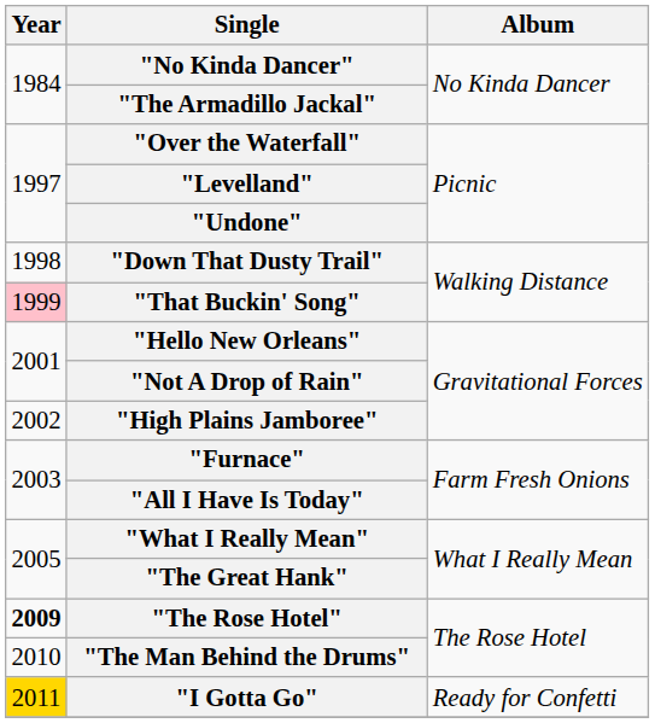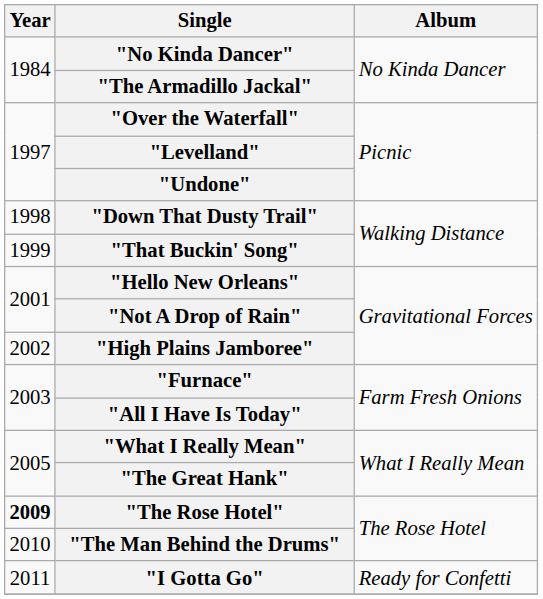 <table class="wikitable plainrowheaders" style="text-align:center;">
 <tr>
 <th>Year</th>
 <th style="width:14em;">Single</th>
 <th>Album</th>
 </tr>
 <tr>
 <td rowspan="2">1984</td>
 <th scope="row">"No Kinda Dancer"</th>
 <td rowspan="2" align="left"><em>No Kinda Dancer</em></td>
 </tr>
 <tr>
 <th scope="row">"The Armadillo Jackal"</th>
 </tr>
 <tr>
 <td rowspan="3">1997</td>
 <th scope="row">"Over the Waterfall"</th>
 <td align="left" rowspan="3"><em>Picnic</em></td>
 </tr>
 <tr>
 <th scope="row">"Levelland"</th>
 </tr>
 <tr>
 <th scope="row">"Undone"</th>
 </tr>
 <tr>
 <td>1998</td>
 <th scope="row">"Down That Dusty Trail"</th>
 <td align="left" rowspan="2"><em>Walking Distance</em></td>
 </tr>
 <tr>
-<td style="background: pink;">1999</td>
+<td>1999</td>
 <th scope="row">"That Buckin' Song"</th>
 </tr>
 <tr>
 <td rowspan="2">2001</td>
 <th scope="row">"Hello New Orleans"</th>
 <td align="left" rowspan="3"><em>Gravitational Forces</em></td>
 </tr>
 <tr>
 <th scope="row">"Not A Drop of Rain"</th>
 </tr>
 <tr>
 <td>2002</td>
 <th scope="row">"High Plains Jamboree"</th>
 </tr>
 <tr>
 <td rowspan="2">2003</td>
 <th scope="row">"Furnace"</th>
 <td align="left" rowspan="2"><em>Farm Fresh Onions</em></td>
 </tr>
 <tr>
 <th scope="row">"All I Have Is Today"</th>
 </tr>
 <tr>
 <td rowspan="2">2005</td>
 <th scope="row">"What I Really Mean"</th>
 <td align="left" rowspan="2"><em>What I Really Mean</em></td>
 </tr>
 <tr>
 <th scope="row">"The Great Hank"</th>
 </tr>
 <tr>
 <td><strong>2009</strong></td>
 <th scope="row">"The Rose Hotel"</th>
 <td align="left" rowspan="2"><em>The Rose Hotel</em></td>
 </tr>
 <tr>
 <td>2010</td>
 <th scope="row">"The Man Behind the Drums"</th>
 </tr>
 <tr>
-<td style="background: gold;">2011</td>
+<td>2011</td>
 <th scope="row">"I Gotta Go"</th>
 <td align="left"><em>Ready for Confetti</em></td>
 </tr>
 <tr>
 </tr>
 </table>
